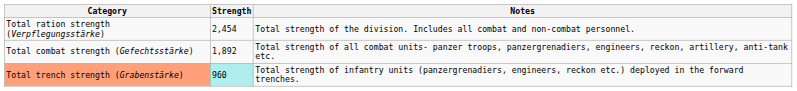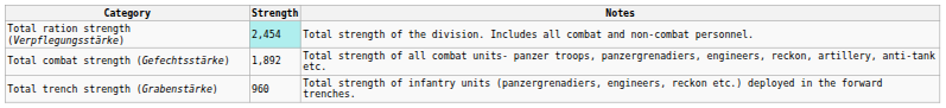 <table class="wikitable">
 <tr>
 <th>Category</th>
 <th>Strength</th>
 <th>Notes</th>
 </tr>
 <tr>
 <td>Total ration strength (<em>Verpflegungsstärke</em>)</td>
-<td>2,454</td>
+<td style="background: paleturquoise;">2,454</td>
 <td>Total strength of the division. Includes all combat and non-combat personnel.</td>
 </tr>
 <tr>
 <td>Total combat strength (<em>Gefechtsstärke</em>)</td>
 <td>1,892</td>
 <td>Total strength of all combat units- panzer troops, panzergrenadiers, engineers, reckon, artillery, anti-tank etc.</td>
 </tr>
 <tr>
-<td style="background: lightsalmon;">Total trench strength (<em>Grabenstärke</em>)</td>
-<td style="background: paleturquoise;">960</td>
+<td>Total trench strength (<em>Grabenstärke</em>)</td>
+<td>960</td>
 <td>Total strength of infantry units (panzergrenadiers, engineers, reckon etc.) deployed in the forward trenches.</td>
 </tr>
 </table>
